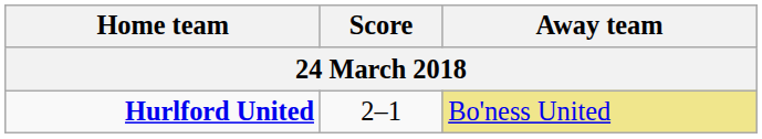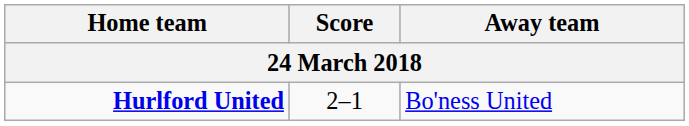 <table class="wikitable" style="border-collapse: collapse;">
 <tr>
 <th align="right" width="180">Home team</th>
 <th align="center" width="65">Score</th>
 <th align="left" width="180">Away team</th>
 </tr>
 <tr>
 <th colspan="3" align="center">24 March 2018</th>
 </tr>
 <tr>
 <td style="text-align:right;"><strong><a href='#'>Hurlford United</a></strong></td>
 <td style="text-align:center;">2–1</td>
-<td style="background: khaki; text-align:left;"><a href='#'>Bo'ness United</a></td>
+<td style="text-align:left;"><a href='#'>Bo'ness United</a></td>
 </tr>
 </table>
